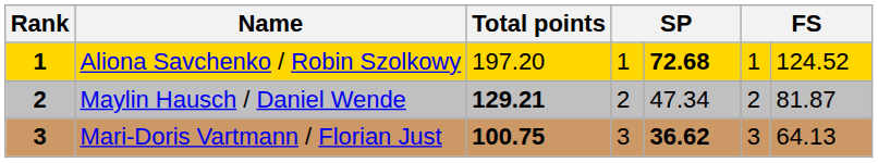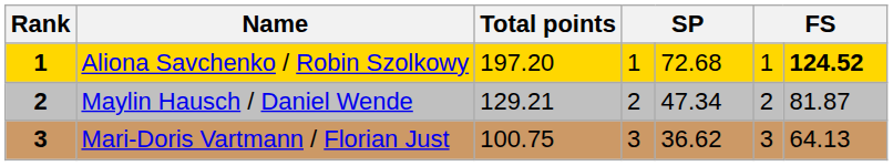 <table class="wikitable">
 <tr>
 <th>Rank</th>
 <th>Name</th>
 <th>Total points</th>
 <th colspan="2" width="80px">SP</th>
 <th colspan="2" width="80px">FS</th>
 </tr>
 <tr bgcolor="gold">
 <td align="center"><strong>1</strong></td>
 <td><a href='#'>Aliona Savchenko</a> / <a href='#'>Robin Szolkowy</a></td>
 <td>197.20</td>
 <td>1</td>
-<td><strong>72.68</strong></td>
+<td>72.68</td>
 <td>1</td>
-<td>124.52</td>
+<td><strong>124.52</strong></td>
 </tr>
 <tr bgcolor="silver">
 <td align="center"><strong>2</strong></td>
 <td><a href='#'>Maylin Hausch</a> / <a href='#'>Daniel Wende</a></td>
-<td><strong>129.21</strong></td>
+<td>129.21</td>
 <td>2</td>
 <td>47.34</td>
 <td>2</td>
 <td>81.87</td>
 </tr>
 <tr bgcolor="cc9966">
 <td align="center"><strong>3</strong></td>
 <td><a href='#'>Mari-Doris Vartmann</a> / <a href='#'>Florian Just</a></td>
-<td><strong>100.75</strong></td>
+<td>100.75</td>
 <td>3</td>
-<td><strong>36.62</strong></td>
+<td>36.62</td>
 <td>3</td>
 <td>64.13</td>
 </tr>
 </table>
